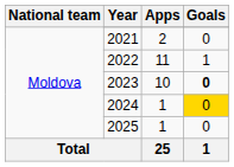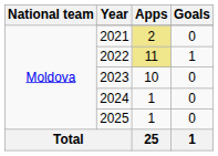 <table class="wikitable" style="text-align:center">
 <tr>
 <th>National team</th>
 <th>Year</th>
 <th>Apps</th>
 <th>Goals</th>
 </tr>
 <tr>
 <td rowspan=6><a href='#'>Moldova</a></td>
 </tr>
 <tr>
 <td>2021</td>
-<td>2</td>
+<td style="background: khaki;">2</td>
 <td>0</td>
 </tr>
 <tr>
 <td>2022</td>
-<td>11</td>
+<td style="background: khaki;">11</td>
 <td>1</td>
 </tr>
 <tr>
 <td>2023</td>
 <td>10</td>
-<td><strong>0</strong></td>
+<td>0</td>
 </tr>
 <tr>
 <td>2024</td>
 <td>1</td>
-<td style="background: gold;">0</td>
+<td>0</td>
 </tr>
 <tr>
 <td>2025</td>
 <td>1</td>
 <td>0</td>
 </tr>
 <tr>
 <th colspan="2">Total</th>
 <th>25</th>
 <th>1</th>
 </tr>
 </table>
